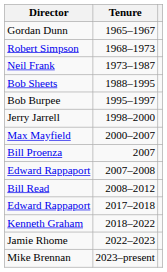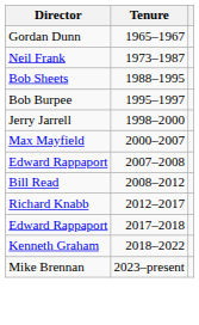 <table class="wikitable sortable" style="float: right; margin:0 1em 0.5em 1em;">
 <tr>
 <th scope="col">Director</th>
 <th scope="col">Tenure</th>
 <th scope="col" class="unsortable"></th>
 </tr>
 <tr>
 <td scope="row">Gordan Dunn</td>
 <td align="right"> 1965–1967</td>
-<td></td>
-</tr>
-<tr>
-<td><a href='#'>Robert Simpson</a></td>
-<td align="right"> 1968–1973</td>
 <td></td>
 </tr>
 <tr>
 <td><a href='#'>Neil Frank</a></td>
 <td align="right"> 1973–1987</td>
 <td></td>
 </tr>
 <tr>
 <td><a href='#'>Bob Sheets</a></td>
 <td align="right"> 1988–1995</td>
 <td></td>
 </tr>
 <tr>
 <td>Bob Burpee</td>
 <td align="right"> 1995–1997</td>
 <td></td>
 </tr>
 <tr>
 <td>Jerry Jarrell</td>
 <td align="right"> 1998–2000</td>
 <td></td>
 </tr>
 <tr>
 <td><a href='#'>Max Mayfield</a></td>
 <td align="right"> 2000–2007</td>
 <td></td>
 </tr>
 <tr>
-<td><a href='#'>Bill Proenza</a></td>
-<td align="right"> 2007</td>
-<td></td>
-</tr>
-<tr>
 <td><a href='#'>Edward Rappaport</a></td>
 <td align="right"> 2007–2008</td>
 <td></td>
 </tr>
 <tr>
 <td><a href='#'>Bill Read</a></td>
 <td align="right"> 2008–2012</td>
+<td></td>
+</tr>
+<tr>
+<td><a href='#'>Richard Knabb</a></td>
+<td align="right"> 2012–2017</td>
 <td></td>
 </tr>
 <tr>
 <td><a href='#'>Edward Rappaport</a></td>
 <td align="right"> 2017–2018</td>
 <td></td>
 </tr>
 <tr>
 <td><a href='#'>Kenneth Graham</a></td>
 <td align="right"> 2018–2022</td>
 <td></td>
 </tr>
 <tr>
-<td>Jamie Rhome</td>
-<td align="right"> 2022–2023</td>
-<td></td>
-</tr>
-<tr>
 <td>Mike Brennan</td>
 <td align="right"> 2023–present</td>
 <td></td>
 </tr>
 </table>
